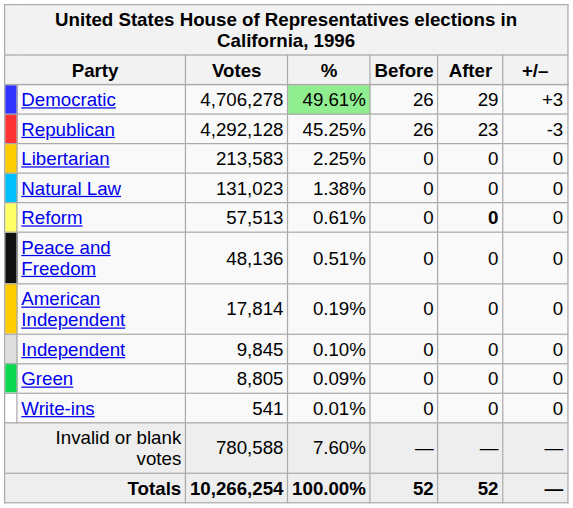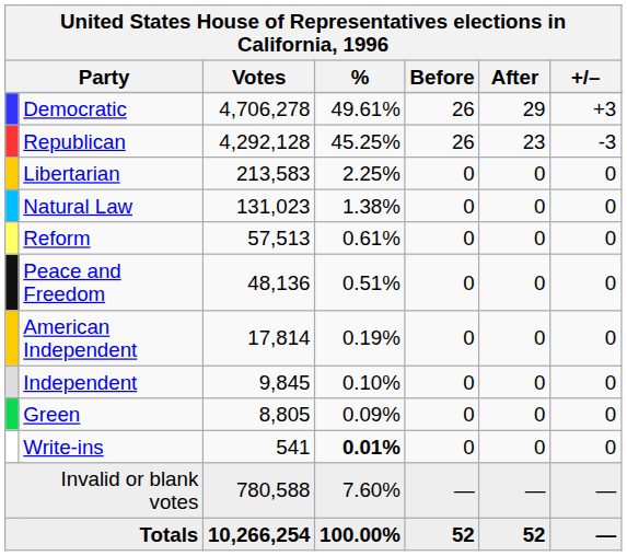 <table class="wikitable" style="font-size: 95%;">
 <tr>
 <th colspan="7">United States House of Representatives elections in California, 1996</th>
 </tr>
 <tr>
 <th colspan=2 style="width: 5em">Party</th>
 <th style="width: 5em">Votes</th>
 <th style="width: 3em">%</th>
 <th style="width: 3em">Before</th>
 <th style="width: 3em">After</th>
 <th style="width: 3em">+/–</th>
 </tr>
 <tr>
 </tr>
 <tr>
 <th style="background-color:#3333FF; width: 3px"></th>
 <td style="width: 130px"><a href='#'>Democratic</a></td>
 <td align="right">4,706,278</td>
-<td align="right" style="background: lightgreen;">49.61%</td>
+<td align="right">49.61%</td>
 <td align="right">26</td>
 <td align="right">29</td>
 <td align="right">+3</td>
 </tr>
 <tr>
 <th style="background-color:#FF3333; width: 3px"></th>
 <td style="width: 130px"><a href='#'>Republican</a></td>
 <td align="right">4,292,128</td>
 <td align="right">45.25%</td>
 <td align="right">26</td>
 <td align="right">23</td>
 <td align="right">-3</td>
 </tr>
 <tr>
 <th style="background-color:#FFCC00; width: 3px"></th>
 <td style="width: 130px"><a href='#'>Libertarian</a></td>
 <td align="right">213,583</td>
 <td align="right">2.25%</td>
 <td align="right">0</td>
 <td align="right">0</td>
 <td align="right">0</td>
 </tr>
 <tr>
 <th style="background-color:#00BFFF; width: 3px"></th>
 <td style="width: 130px"><a href='#'>Natural Law</a></td>
 <td align="right">131,023</td>
 <td align="right">1.38%</td>
 <td align="right">0</td>
 <td align="right">0</td>
 <td align="right">0</td>
 </tr>
 <tr>
 <th style="background-color:#FFFF66; width: 3px"></th>
 <td style="width: 130px"><a href='#'>Reform</a></td>
 <td align="right">57,513</td>
 <td align="right">0.61%</td>
 <td align="right">0</td>
-<td align="right"><strong>0</strong></td>
+<td align="right">0</td>
 <td align="right">0</td>
 </tr>
 <tr>
 <th style="background-color:#111111; width: 3px"></th>
 <td style="width: 130px"><a href='#'>Peace and Freedom</a></td>
 <td align="right">48,136</td>
 <td align="right">0.51%</td>
 <td align="right">0</td>
 <td align="right">0</td>
 <td align="right">0</td>
 </tr>
 <tr>
 <th style="background-color:#FFCC00; width: 3px"></th>
 <td style="width: 130px"><a href='#'>American Independent</a></td>
 <td align="right">17,814</td>
 <td align="right">0.19%</td>
 <td align="right">0</td>
 <td align="right">0</td>
 <td align="right">0</td>
 </tr>
 <tr>
 <th style="background-color:#DDDDDD; width: 3px"></th>
 <td style="width: 130px"><a href='#'>Independent</a></td>
 <td align="right">9,845</td>
 <td align="right">0.10%</td>
 <td align="right">0</td>
 <td align="right">0</td>
 <td align="right">0</td>
 </tr>
 <tr>
 <th style="background-color:#0BDA51; width: 3px"></th>
 <td style="width: 130px"><a href='#'>Green</a></td>
 <td align="right">8,805</td>
 <td align="right">0.09%</td>
 <td align="right">0</td>
 <td align="right">0</td>
 <td align="right">0</td>
 </tr>
 <tr>
 <th style="background-color:#FFFFFF; width: 3px"></th>
 <td style="width: 130px"><a href='#'>Write-ins</a></td>
 <td align="right">541</td>
-<td align="right">0.01%</td>
+<td align="right"><strong>0.01%</strong></td>
 <td align="right">0</td>
 <td align="right">0</td>
 <td align="right">0</td>
 </tr>
 <tr bgcolor="#EEEEEE">
 <td colspan="2" align="right">Invalid or blank votes</td>
 <td align="right">780,588</td>
 <td align="right">7.60%</td>
 <td align="right">—</td>
 <td align="right">—</td>
 <td align="right">—</td>
 </tr>
 <tr bgcolor="#EEEEEE">
 <td colspan="2" align="right"><strong>Totals</strong></td>
 <td align="right"><strong>10,266,254</strong></td>
 <td align="right"><strong>100.00%</strong></td>
 <td align="right"><strong>52</strong></td>
 <td align="right"><strong>52</strong></td>
 <td align="right"><strong>—</strong></td>
 </tr>
 </table>
